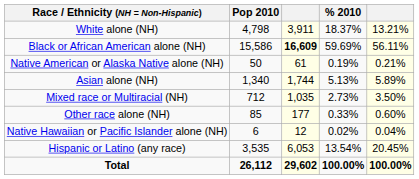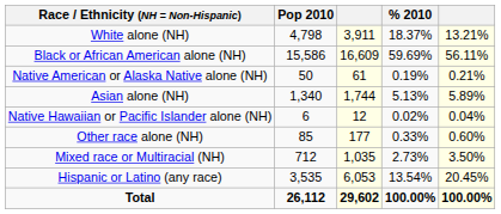 <table class="wikitable" style="text-align:center;">
 <tr>
 <th>Race / Ethnicity <small>(<em>NH = Non-Hispanic</em>)</small></th>
 <th>Pop 2010</th>
 <th></th>
 <th>% 2010</th>
 <th></th>
 </tr>
 <tr>
 <td><a href='#'>White</a> alone (NH)</td>
 <td>4,798</td>
 <td style='background: #ffffe6;'>3,911</td>
 <td>18.37%</td>
 <td style='background: #ffffe6;'>13.21%</td>
 </tr>
 <tr>
 <td><a href='#'>Black or African American</a> alone (NH)</td>
 <td>15,586</td>
-<td style='background: #ffffe6;'><strong>16,609</strong></td>
+<td style='background: #ffffe6;'>16,609</td>
 <td>59.69%</td>
 <td style='background: #ffffe6;'>56.11%</td>
 </tr>
 <tr>
 <td><a href='#'>Native American</a> or <a href='#'>Alaska Native</a> alone (NH)</td>
 <td>50</td>
 <td style='background: #ffffe6;'>61</td>
 <td>0.19%</td>
 <td style='background: #ffffe6;'>0.21%</td>
 </tr>
 <tr>
 <td><a href='#'>Asian</a> alone (NH)</td>
 <td>1,340</td>
 <td style='background: #ffffe6;'>1,744</td>
 <td>5.13%</td>
 <td style='background: #ffffe6;'>5.89%</td>
 </tr>
 <tr>
-<td><a href='#'>Mixed race or Multiracial</a> (NH)</td>
-<td>712</td>
-<td style='background: #ffffe6;'>1,035</td>
-<td>2.73%</td>
-<td style='background: #ffffe6;'>3.50%</td>
+<td><a href='#'>Native Hawaiian</a> or <a href='#'>Pacific Islander</a> alone (NH)</td>
+<td>6</td>
+<td style='background: #ffffe6;'>12</td>
+<td>0.02%</td>
+<td style='background: #ffffe6;'>0.04%</td>
 </tr>
 <tr>
 <td><a href='#'>Other race</a> alone (NH)</td>
 <td>85</td>
 <td style='background: #ffffe6;'>177</td>
 <td>0.33%</td>
 <td style='background: #ffffe6;'>0.60%</td>
 </tr>
 <tr>
-<td><a href='#'>Native Hawaiian</a> or <a href='#'>Pacific Islander</a> alone (NH)</td>
-<td>6</td>
-<td style='background: #ffffe6;'>12</td>
-<td>0.02%</td>
-<td style='background: #ffffe6;'>0.04%</td>
+<td><a href='#'>Mixed race or Multiracial</a> (NH)</td>
+<td>712</td>
+<td style='background: #ffffe6;'>1,035</td>
+<td>2.73%</td>
+<td style='background: #ffffe6;'>3.50%</td>
 </tr>
 <tr>
 <td><a href='#'>Hispanic or Latino</a> (any race)</td>
 <td>3,535</td>
 <td style='background: #ffffe6;'>6,053</td>
 <td>13.54%</td>
 <td style='background: #ffffe6;'>20.45%</td>
 </tr>
 <tr>
 <td><strong>Total</strong></td>
 <td><strong>26,112</strong></td>
 <td style='background: #ffffe6;'><strong>29,602</strong></td>
 <td><strong>100.00%</strong></td>
 <td style='background: #ffffe6;'><strong>100.00%</strong></td>
 </tr>
 </table>
